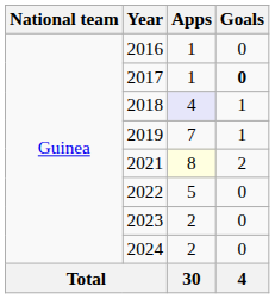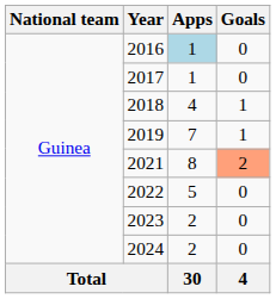 <table class="wikitable" style="text-align:center">
 <tr>
 <th>National team</th>
 <th>Year</th>
 <th>Apps</th>
 <th>Goals</th>
 </tr>
 <tr>
 <td rowspan="8"><a href='#'>Guinea</a></td>
 <td>2016</td>
-<td>1</td>
+<td style="background: lightblue;">1</td>
 <td>0</td>
 </tr>
 <tr>
 <td>2017</td>
 <td>1</td>
-<td><strong>0</strong></td>
+<td>0</td>
 </tr>
 <tr>
 <td>2018</td>
-<td style="background: lavender;">4</td>
+<td>4</td>
 <td>1</td>
 </tr>
 <tr>
 <td>2019</td>
 <td>7</td>
 <td>1</td>
 </tr>
 <tr>
 <td>2021</td>
-<td style="background: lightyellow;">8</td>
-<td>2</td>
+<td>8</td>
+<td style="background: lightsalmon;">2</td>
 </tr>
 <tr>
 <td>2022</td>
 <td>5</td>
 <td>0</td>
 </tr>
 <tr>
 <td>2023</td>
 <td>2</td>
 <td>0</td>
 </tr>
 <tr>
 <td>2024</td>
 <td>2</td>
 <td>0</td>
 </tr>
 <tr>
 <th colspan="2">Total</th>
 <th>30</th>
 <th>4</th>
 </tr>
 </table>
